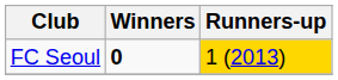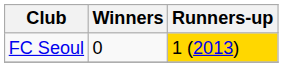 <table class="wikitable">
 <tr>
 <th>Club</th>
 <th>Winners</th>
 <th>Runners-up</th>
 </tr>
 <tr>
 <td><a href='#'>FC Seoul</a></td>
-<td><strong>0</strong></td>
+<td>0</td>
 <td style="background: gold;">1 (<a href='#'>2013</a>)</td>
 </tr>
 <tr>
 </tr>
 </table>
